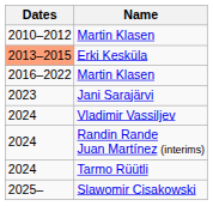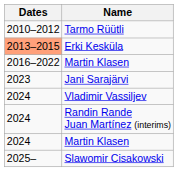 <table class="wikitable">
 <tr>
 <th>Dates</th>
 <th>Name</th>
 </tr>
 <tr>
 <td>2010–2012</td>
-<td> <a href='#'>Martin Klasen</a></td>
+<td> <a href='#'>Tarmo Rüütli</a></td>
 </tr>
 <tr>
 <td style="background: lightsalmon;">2013–2015</td>
 <td> <a href='#'>Erki Kesküla</a></td>
 </tr>
 <tr>
 <td>2016–2022</td>
 <td> <a href='#'>Martin Klasen</a></td>
 </tr>
 <tr>
 <td>2023</td>
 <td> <a href='#'>Jani Sarajärvi</a></td>
 </tr>
 <tr>
 <td>2024</td>
 <td> <a href='#'>Vladimir Vassiljev</a></td>
 </tr>
 <tr>
 <td>2024</td>
 <td> <a href='#'>Randin Rande</a><br> <a href='#'>Juan Martínez</a> <small>(interims)</small></td>
 </tr>
 <tr>
 <td>2024</td>
-<td> <a href='#'>Tarmo Rüütli</a></td>
+<td> <a href='#'>Martin Klasen</a></td>
 </tr>
 <tr>
 <td>2025–</td>
 <td> <a href='#'>Slawomir Cisakowski</a></td>
 </tr>
 </table>
